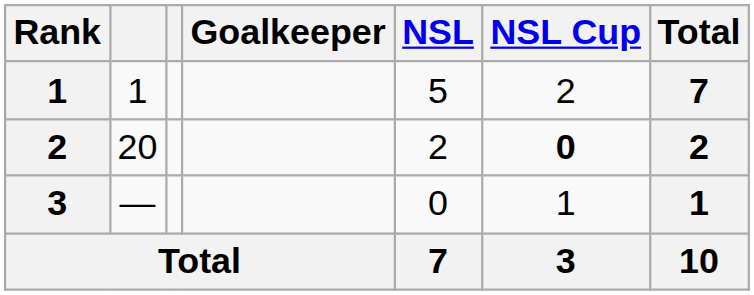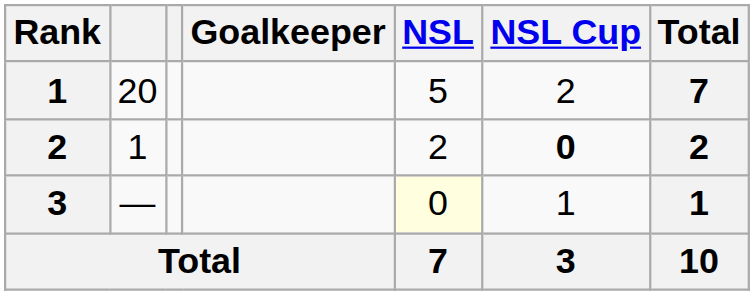 <table class="wikitable sortable" style="text-align:center">
 <tr>
 <th>Rank</th>
 <th></th>
 <th></th>
 <th>Goalkeeper</th>
 <th><a href='#'>NSL</a></th>
 <th><a href='#'>NSL Cup</a></th>
 <th>Total</th>
 </tr>
 <tr>
 <th>1</th>
-<td>1</td>
+<td>20</td>
 <td></td>
 <td align="left"></td>
 <td>5</td>
 <td>2</td>
 <th>7</th>
 </tr>
 <tr>
 <th>2</th>
-<td>20</td>
+<td>1</td>
 <td></td>
 <td align="left"></td>
 <td>2</td>
 <td><strong>0</strong></td>
 <th>2</th>
 </tr>
 <tr>
 <th>3</th>
 <td>—</td>
 <td></td>
 <td align="left"></td>
-<td>0</td>
+<td style="background: lightyellow;">0</td>
 <td>1</td>
 <th>1</th>
 </tr>
 <tr>
 <th colspan="4">Total</th>
 <th>7</th>
 <th>3</th>
 <th>10</th>
 </tr>
 </table>
